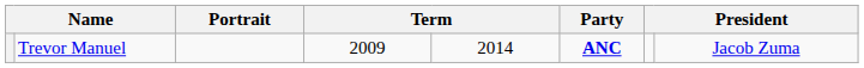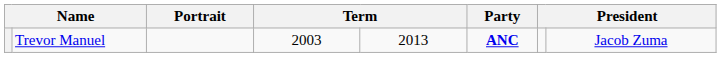 <table class="wikitable" width="60%">
 <tr>
 <th colspan="2" width="20%">Name</th>
 <th width="75">Portrait</th>
 <th colspan="2" width="30%">Term</th>
 <th width="10%">Party</th>
 <th colspan="2" width="25%">President</th>
 </tr>
 <tr style="text-align:center">
 <th style="width:1%;background-color: "></th>
 <td align="left"><a href='#'>Trevor Manuel</a></td>
 <td align="center"></td>
-<td>2009</td>
-<td>2014</td>
+<td>2003</td>
+<td>2013</td>
 <td><strong><a href='#'>ANC</a></strong></td>
 <td style="width:1%;background-color: "></td>
 <td><a href='#'>Jacob Zuma</a><br> </td>
 </tr>
 </table>
